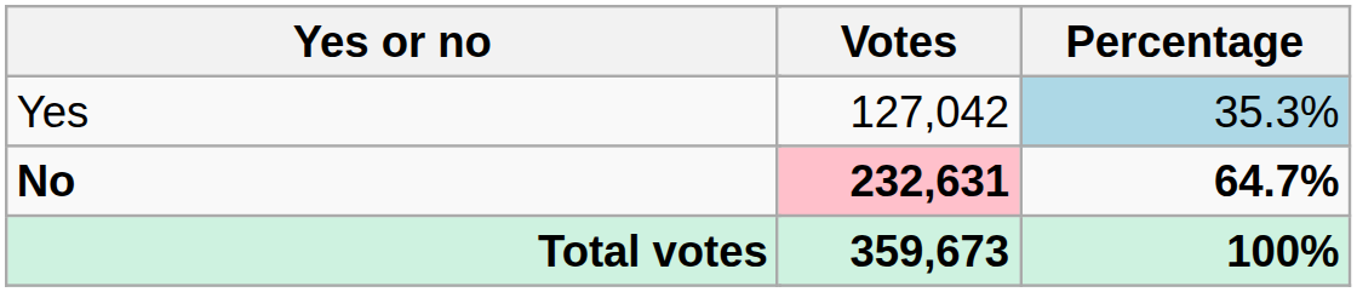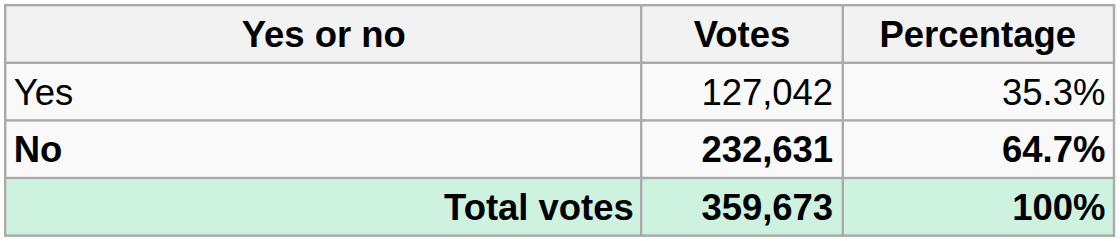 <table class="wikitable" style="font-size: 95%;">
 <tr>
 <th colspan="2" style="width: 17em">Yes or no</th>
 <th style="width: 5em">Votes</th>
 <th style="width: 7em">Percentage</th>
 </tr>
 <tr>
 <td colspan="2">Yes</td>
 <td align="right">127,042</td>
-<td align="right" style="background: lightblue;">35.3%</td>
+<td align="right">35.3%</td>
 </tr>
 <tr>
 <td colspan="2"> <strong>No</strong></td>
-<td align="right" style="background: pink;"><strong>232,631</strong></td>
+<td align="right"><strong>232,631</strong></td>
 <td align="right"><strong>64.7%</strong></td>
 </tr>
 <tr bgcolor="#cef2e0">
 <td colspan="2" style="text-align: right; margin-right: 0.5em"><strong>Total votes</strong></td>
 <td align="right"><strong>359,673</strong></td>
 <td align="right"><strong>100%</strong></td>
 </tr>
 </table>
